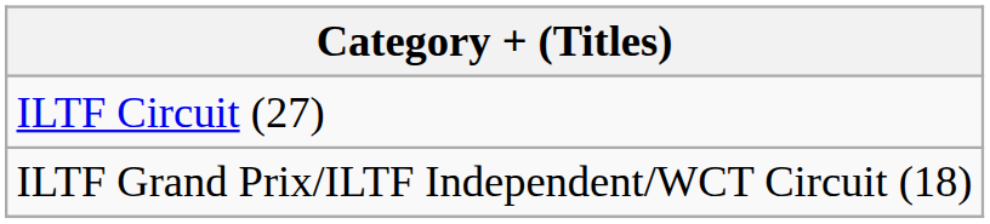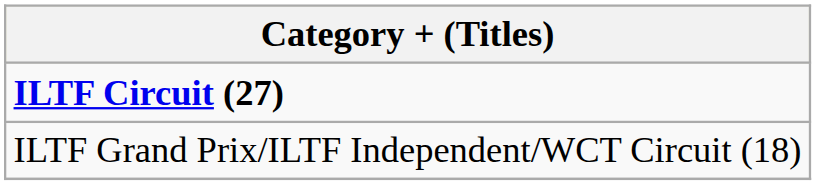 <table class="wikitable" style="display:inline-table;">
 <tr style="background:#ffc;">
 <th>Category + (Titles)</th>
 </tr>
 <tr>
-<td><a href='#'>ILTF Circuit</a> (27)</td>
+<td><strong><a href='#'>ILTF Circuit</a> (27)</strong></td>
 </tr>
 <tr>
 <td>ILTF Grand Prix/ILTF Independent/WCT Circuit (18)</td>
 </tr>
 <tr>
 </tr>
 </table>
